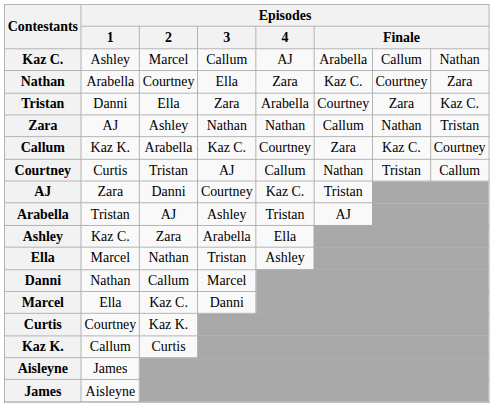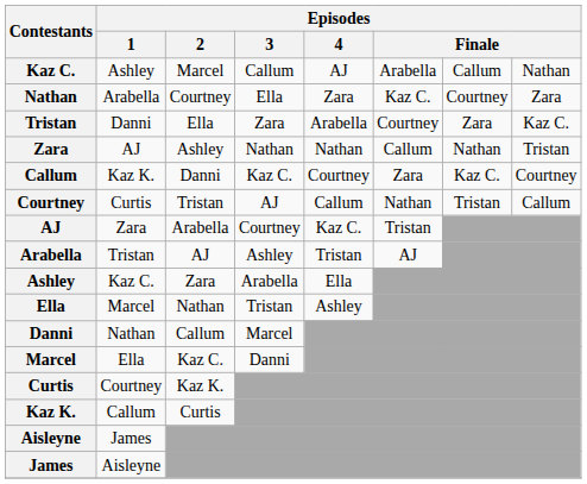 <table class="wikitable unsortable" style="text-align:center; font-size:100%;">
 <tr>
 <th scope="col" rowspan=2>Contestants</th>
 <th colspan="8" scope="col">Episodes</th>
 </tr>
 <tr>
 <th>1</th>
 <th>2</th>
 <th>3</th>
 <th>4</th>
 <th colspan="3">Finale</th>
 </tr>
 <tr>
 <th>Kaz C.</th>
 <td>Ashley</td>
 <td>Marcel</td>
 <td>Callum</td>
 <td>AJ</td>
 <td>Arabella</td>
 <td>Callum</td>
 <td>Nathan</td>
 </tr>
 <tr>
 <th>Nathan</th>
 <td>Arabella</td>
 <td>Courtney</td>
 <td>Ella</td>
 <td>Zara</td>
 <td>Kaz C.</td>
 <td>Courtney</td>
 <td>Zara</td>
 </tr>
 <tr>
 <th>Tristan</th>
 <td>Danni</td>
 <td>Ella</td>
 <td>Zara</td>
 <td>Arabella</td>
 <td>Courtney</td>
 <td>Zara</td>
 <td>Kaz C.</td>
 </tr>
 <tr>
 <th>Zara</th>
 <td>AJ</td>
 <td>Ashley</td>
 <td>Nathan</td>
 <td>Nathan</td>
 <td>Callum</td>
 <td>Nathan</td>
 <td>Tristan</td>
 </tr>
 <tr>
 <th>Callum</th>
 <td>Kaz K.</td>
-<td>Arabella</td>
+<td>Danni</td>
 <td>Kaz C.</td>
 <td>Courtney</td>
 <td>Zara</td>
 <td>Kaz C.</td>
 <td>Courtney</td>
 </tr>
 <tr>
 <th>Courtney</th>
 <td>Curtis</td>
 <td>Tristan</td>
 <td>AJ</td>
 <td>Callum</td>
 <td>Nathan</td>
 <td>Tristan</td>
 <td>Callum</td>
 </tr>
 <tr>
 <th>AJ</th>
 <td>Zara</td>
-<td>Danni</td>
+<td>Arabella</td>
 <td>Courtney</td>
 <td>Kaz C.</td>
 <td>Tristan</td>
 <td colspan="3" style="background:darkgray"></td>
 </tr>
 <tr>
 <th>Arabella</th>
 <td>Tristan</td>
 <td>AJ</td>
 <td>Ashley</td>
 <td>Tristan</td>
 <td>AJ</td>
 <td colspan="3" style="background:darkgray"></td>
 </tr>
 <tr>
 <th>Ashley</th>
 <td>Kaz C.</td>
 <td>Zara</td>
 <td>Arabella</td>
 <td>Ella</td>
 <td colspan="4" style="background:darkgray"></td>
 </tr>
 <tr>
 <th>Ella</th>
 <td>Marcel</td>
 <td>Nathan</td>
 <td>Tristan</td>
 <td>Ashley</td>
 <td colspan="4" style="background:darkgray"></td>
 </tr>
 <tr>
 <th>Danni</th>
 <td>Nathan</td>
 <td>Callum</td>
 <td>Marcel</td>
 <td colspan="5" style="background:darkgray"></td>
 </tr>
 <tr>
 <th>Marcel</th>
 <td>Ella</td>
 <td>Kaz C.</td>
 <td>Danni</td>
 <td colspan="5" style="background:darkgray"></td>
 </tr>
 <tr>
 <th>Curtis</th>
 <td>Courtney</td>
 <td>Kaz K.</td>
 <td colspan="6" style="background:darkgray"></td>
 </tr>
 <tr>
 <th>Kaz K.</th>
 <td>Callum</td>
 <td>Curtis</td>
 <td colspan="6" style="background:darkgray"></td>
 </tr>
 <tr>
 <th>Aisleyne</th>
 <td>James</td>
 <td colspan="7" style="background:darkgray"></td>
 </tr>
 <tr>
 <th>James</th>
 <td>Aisleyne</td>
 <td colspan="7" style="background:darkgray"></td>
 </tr>
 <tr>
 </tr>
 </table>
